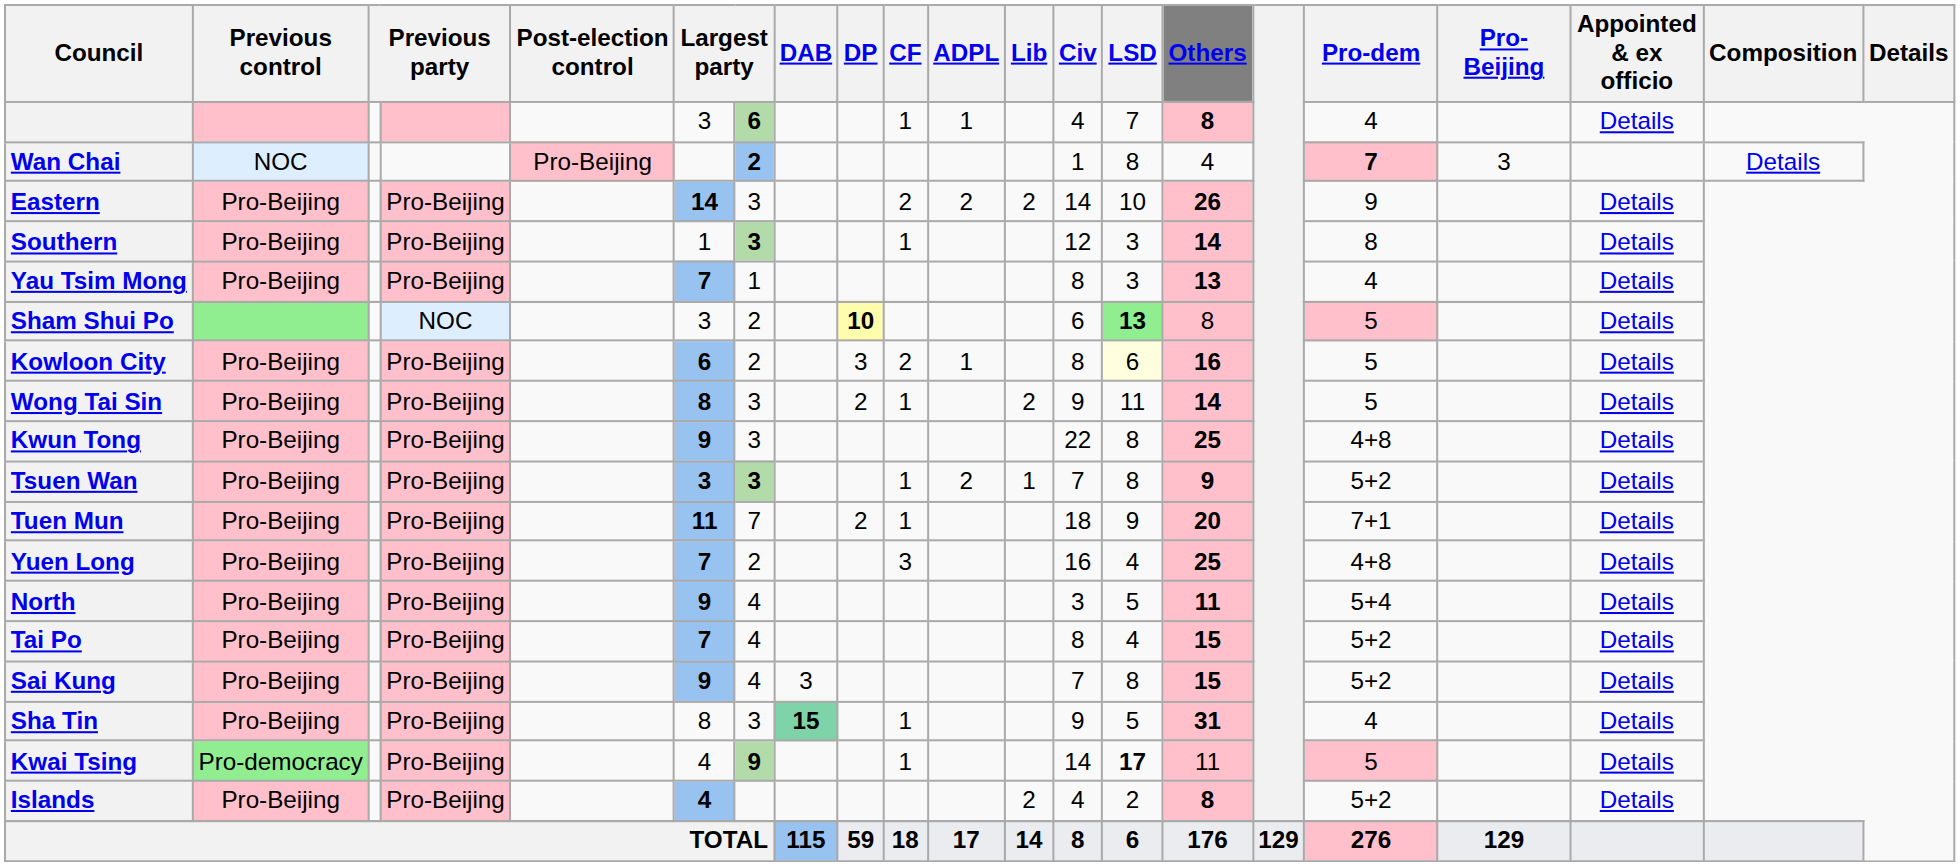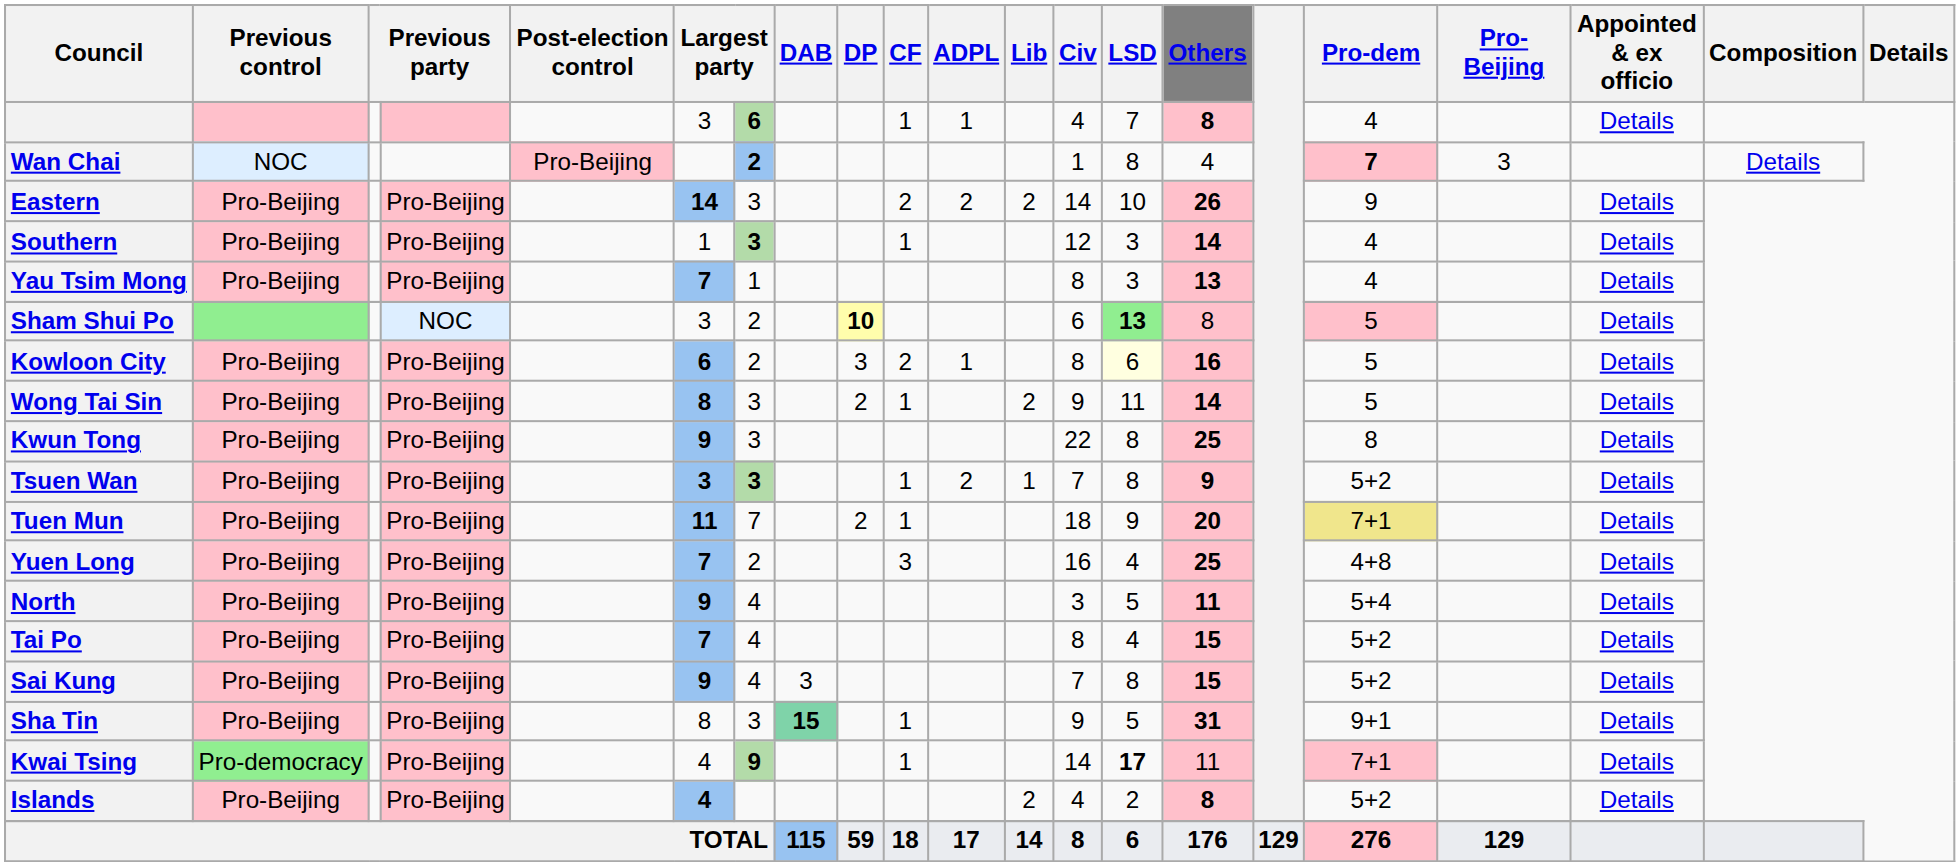 <table class="wikitable" style="text-align:center;font-size:75%">
 <tr>
 <th>Council</th>
 <th>Previous<br>control</th>
 <th colspan=2>Previous<br>party</th>
 <th>Post-election<br>control</th>
 <th colspan=2>Largest<br>party</th>
 <th class="unsortable" style="background:"><a href='#'><span>DAB</span></a></th>
 <th class="unsortable" style="background:"><a href='#'><span>DP</span></a></th>
 <th class="unsortable" style="background:"><a href='#'><span>CF</span></a></th>
 <th class="unsortable" style="background:"><a href='#'><span>ADPL</span></a></th>
 <th class="unsortable" style="background:"><a href='#'><span>Lib</span></a></th>
 <th class="unsortable" style="background:"><a href='#'><span>Civ</span></a></th>
 <th class="unsortable" style="background:"><a href='#'><span>LSD</span></a></th>
 <th class="unsortable" style="background:gray; width:35px;"><a href='#'><span>Others</span></a></th>
 <th class="unsortable" rowspan=20></th>
 <th class="unsortable"  style="width:60px;"><a href='#'>Pro-dem</a></th>
 <th class="unsortable"  style="width:60px;"><a href='#'>Pro-Beijing</a></th>
 <th class="unsortable" style="width:60px;">Appointed<br>& ex officio</th>
 <th class="unsortable">Composition</th>
 <th class="unsortable">Details</th>
 </tr>
 <tr>
 <th scope="row" style="text-align: left;"></th>
 <td style="background-color:Pink"></td>
 <td></td>
 <td style="background-color:Pink"></td>
 <td></td>
 <td>3</td>
 <td bgcolor=#b3dba9><strong>6</strong></td>
 <td></td>
 <td></td>
 <td>1</td>
 <td>1</td>
 <td></td>
 <td>4</td>
 <td>7</td>
 <td bgcolor=pink><strong>8</strong></td>
 <td>4</td>
 <td></td>
 <td><a href='#'>Details</a></td>
 </tr>
 <tr>
 <th scope="row" style="text-align: left;"><a href='#'>Wan Chai</a></th>
 <td style="background-color:#DDEEFF">NOC</td>
 <td></td>
 <td align=left></td>
 <td style="background-color:Pink">Pro-Beijing</td>
 <td></td>
 <td bgcolor=#98c3f1><strong>2</strong></td>
 <td></td>
 <td></td>
 <td></td>
 <td></td>
 <td></td>
 <td>1</td>
 <td>8</td>
 <td>4</td>
 <td bgcolor=pink><strong>7</strong></td>
 <td>3</td>
 <td></td>
 <td><a href='#'>Details</a></td>
 </tr>
 <tr>
 <th scope="row" style="text-align: left;"><a href='#'>Eastern</a></th>
 <td style="background-color:Pink">Pro-Beijing</td>
 <td></td>
 <td style="background-color:Pink">Pro-Beijing</td>
 <td></td>
 <td bgcolor=#98c3f1><strong>14</strong></td>
 <td>3</td>
 <td></td>
 <td></td>
 <td>2</td>
 <td>2</td>
 <td>2</td>
 <td>14</td>
 <td>10</td>
 <td bgcolor=pink><strong>26</strong></td>
 <td>9</td>
 <td></td>
 <td><a href='#'>Details</a></td>
 </tr>
 <tr>
 <th scope="row" style="text-align: left;"><a href='#'>Southern</a></th>
 <td style="background-color:Pink">Pro-Beijing</td>
 <td></td>
 <td style="background-color:Pink">Pro-Beijing</td>
 <td></td>
 <td>1</td>
 <td bgcolor=#b3dba9><strong>3</strong></td>
 <td></td>
 <td></td>
 <td>1</td>
 <td></td>
 <td></td>
 <td>12</td>
 <td>3</td>
 <td bgcolor=pink><strong>14</strong></td>
-<td>8</td>
+<td>4</td>
 <td></td>
 <td><a href='#'>Details</a></td>
 </tr>
 <tr>
 <th scope="row" style="text-align: left;"><a href='#'>Yau Tsim Mong</a></th>
 <td style="background-color:Pink">Pro-Beijing</td>
 <td></td>
 <td style="background-color:Pink">Pro-Beijing</td>
 <td></td>
 <td bgcolor=#98c3f1><strong>7</strong></td>
 <td>1</td>
 <td></td>
 <td></td>
 <td></td>
 <td></td>
 <td></td>
 <td>8</td>
 <td>3</td>
 <td bgcolor=pink><strong>13</strong></td>
 <td>4</td>
 <td></td>
 <td><a href='#'>Details</a></td>
 </tr>
 <tr>
 </tr>
 <tr>
 <th scope="row" style="text-align: left;"><a href='#'>Sham Shui Po</a></th>
 <td style="background-color:LightGreen"></td>
 <td></td>
 <td style="background-color:#DDEEFF">NOC</td>
 <td></td>
 <td>3</td>
 <td>2</td>
 <td></td>
 <td bgcolor=#fffdac><strong>10</strong></td>
 <td></td>
 <td></td>
 <td></td>
 <td>6</td>
 <td bgcolor=lightgreen><strong>13</strong></td>
 <td bgcolor=pink>8</td>
 <td bgcolor=pink>5</td>
 <td></td>
 <td><a href='#'>Details</a></td>
 </tr>
 <tr>
 <th scope="row" style="text-align: left;"><a href='#'>Kowloon City</a></th>
 <td style="background-color:Pink">Pro-Beijing</td>
 <td></td>
 <td style="background-color:Pink">Pro-Beijing</td>
 <td></td>
 <td bgcolor=#98c3f1><strong>6</strong></td>
 <td>2</td>
 <td></td>
 <td>3</td>
 <td>2</td>
 <td>1</td>
 <td></td>
 <td>8</td>
 <td style="background: lightyellow;">6</td>
 <td bgcolor=pink><strong>16</strong></td>
 <td>5</td>
 <td></td>
 <td><a href='#'>Details</a></td>
 </tr>
 <tr>
 <th scope="row" style="text-align: left;"><a href='#'>Wong Tai Sin</a></th>
 <td style="background-color:Pink">Pro-Beijing</td>
 <td></td>
 <td style="background-color:Pink">Pro-Beijing</td>
 <td></td>
 <td bgcolor=#98c3f1><strong>8</strong></td>
 <td>3</td>
 <td></td>
 <td>2</td>
 <td>1</td>
 <td></td>
 <td>2</td>
 <td>9</td>
 <td>11</td>
 <td bgcolor=pink><strong>14</strong></td>
 <td>5</td>
 <td></td>
 <td><a href='#'>Details</a></td>
 </tr>
 <tr>
 <th scope="row" style="text-align: left;"><a href='#'>Kwun Tong</a></th>
 <td style="background-color:Pink">Pro-Beijing</td>
 <td></td>
 <td style="background-color:Pink">Pro-Beijing</td>
 <td></td>
 <td bgcolor=#98c3f1><strong>9</strong></td>
 <td>3</td>
 <td></td>
 <td></td>
 <td></td>
 <td></td>
 <td></td>
 <td>22</td>
 <td>8</td>
 <td bgcolor=pink><strong>25</strong></td>
-<td>4+8</td>
+<td>8</td>
 <td></td>
 <td><a href='#'>Details</a></td>
 </tr>
 <tr>
 <th scope="row" style="text-align: left;"><a href='#'>Tsuen Wan</a></th>
 <td style="background-color:Pink">Pro-Beijing</td>
 <td></td>
 <td style="background-color:Pink">Pro-Beijing</td>
 <td></td>
 <td bgcolor=#98c3f1><strong>3</strong></td>
 <td bgcolor=#b3dba9><strong>3</strong></td>
 <td></td>
 <td></td>
 <td>1</td>
 <td>2</td>
 <td>1</td>
 <td>7</td>
 <td>8</td>
 <td bgcolor=pink><strong>9</strong></td>
 <td>5+2</td>
 <td></td>
 <td><a href='#'>Details</a></td>
 </tr>
 <tr>
 <th scope="row" style="text-align: left;"><a href='#'>Tuen Mun</a></th>
 <td style="background-color:Pink">Pro-Beijing</td>
 <td></td>
 <td style="background-color:Pink">Pro-Beijing</td>
 <td></td>
 <td bgcolor=#98c3f1><strong>11</strong></td>
 <td>7</td>
 <td></td>
 <td>2</td>
 <td>1</td>
 <td></td>
 <td></td>
 <td>18</td>
 <td>9</td>
 <td bgcolor=pink><strong>20</strong></td>
-<td>7+1</td>
+<td style="background: khaki;">7+1</td>
 <td></td>
 <td><a href='#'>Details</a></td>
 </tr>
 <tr>
 <th scope="row" style="text-align: left;"><a href='#'>Yuen Long</a></th>
 <td style="background-color:Pink">Pro-Beijing</td>
 <td></td>
 <td style="background-color:Pink">Pro-Beijing</td>
 <td></td>
 <td bgcolor=#98c3f1><strong>7</strong></td>
 <td>2</td>
 <td></td>
 <td></td>
 <td>3</td>
 <td></td>
 <td></td>
 <td>16</td>
 <td>4</td>
 <td bgcolor=pink><strong>25</strong></td>
 <td>4+8</td>
 <td></td>
 <td><a href='#'>Details</a></td>
 </tr>
 <tr>
 <th scope="row" style="text-align: left;"><a href='#'>North</a></th>
 <td style="background-color:Pink">Pro-Beijing</td>
 <td></td>
 <td style="background-color:Pink">Pro-Beijing</td>
 <td></td>
 <td bgcolor=#98c3f1><strong>9</strong></td>
 <td>4</td>
 <td></td>
 <td></td>
 <td></td>
 <td></td>
 <td></td>
 <td>3</td>
 <td>5</td>
 <td bgcolor=pink><strong>11</strong></td>
 <td>5+4</td>
 <td></td>
 <td><a href='#'>Details</a></td>
 </tr>
 <tr>
 <th scope="row" style="text-align: left;"><a href='#'>Tai Po</a></th>
 <td style="background-color:Pink">Pro-Beijing</td>
 <td></td>
 <td style="background-color:Pink">Pro-Beijing</td>
 <td></td>
 <td bgcolor=#98c3f1><strong>7</strong></td>
 <td>4</td>
 <td></td>
 <td></td>
 <td></td>
 <td></td>
 <td></td>
 <td>8</td>
 <td>4</td>
 <td bgcolor=pink><strong>15</strong></td>
 <td>5+2</td>
 <td></td>
 <td><a href='#'>Details</a></td>
 </tr>
 <tr>
 <th scope="row" style="text-align: left;"><a href='#'>Sai Kung</a></th>
 <td style="background-color:Pink">Pro-Beijing</td>
 <td></td>
 <td style="background-color:Pink">Pro-Beijing</td>
 <td></td>
 <td bgcolor=#98c3f1><strong>9</strong></td>
 <td>4</td>
 <td>3</td>
 <td></td>
 <td></td>
 <td></td>
 <td></td>
 <td>7</td>
 <td>8</td>
 <td bgcolor=pink><strong>15</strong></td>
 <td>5+2</td>
 <td></td>
 <td><a href='#'>Details</a></td>
 </tr>
 <tr>
 <th scope="row" style="text-align: left;"><a href='#'>Sha Tin</a></th>
 <td style="background-color:Pink">Pro-Beijing</td>
 <td></td>
 <td style="background-color:Pink">Pro-Beijing</td>
 <td></td>
 <td>8</td>
 <td>3</td>
 <td bgcolor=#7fd3a9><strong>15</strong></td>
 <td></td>
 <td>1</td>
 <td></td>
 <td></td>
 <td>9</td>
 <td>5</td>
 <td bgcolor=pink><strong>31</strong></td>
-<td>4</td>
+<td>9+1</td>
 <td></td>
 <td><a href='#'>Details</a></td>
 </tr>
 <tr>
 <th scope="row" style="text-align: left;"><a href='#'>Kwai Tsing</a></th>
 <td style="background-color:LightGreen">Pro-democracy</td>
 <td></td>
 <td style="background-color:Pink">Pro-Beijing</td>
 <td></td>
 <td>4</td>
 <td bgcolor=#b3dba9><strong>9</strong></td>
 <td></td>
 <td></td>
 <td>1</td>
 <td></td>
 <td></td>
 <td>14</td>
 <td><strong>17</strong></td>
 <td bgcolor=pink>11</td>
-<td bgcolor=pink>5</td>
+<td bgcolor=pink>7+1</td>
 <td></td>
 <td><a href='#'>Details</a></td>
 </tr>
 <tr>
 <th scope="row" style="text-align: left;"><a href='#'>Islands</a></th>
 <td style="background-color:Pink">Pro-Beijing</td>
 <td></td>
 <td style="background-color:Pink">Pro-Beijing</td>
 <td></td>
 <td bgcolor=#98c3f1><strong>4</strong></td>
 <td></td>
 <td></td>
 <td></td>
 <td></td>
 <td></td>
 <td>2</td>
 <td>4</td>
 <td>2</td>
 <td bgcolor=pink><strong>8</strong></td>
 <td>5+2</td>
 <td></td>
 <td><a href='#'>Details</a></td>
 </tr>
 <tr>
 </tr>
 <tr bgcolor=#EAECF0>
 <th scope="row" style="text-align: right;" colspan=7>TOTAL</th>
 <td bgcolor=#98c3f1><strong>115</strong></td>
 <td><strong>59</strong></td>
 <td><strong>18</strong></td>
 <td><strong>17</strong></td>
 <td><strong>14</strong></td>
 <td><strong>8</strong></td>
 <td><strong>6</strong></td>
 <td><strong>176</strong></td>
 <td><strong>129</strong></td>
 <td bgcolor=Pink><strong>276</strong></td>
 <td><strong>129</strong></td>
 <td></td>
 <td></td>
 </tr>
 <tr>
 </tr>
 </table>
